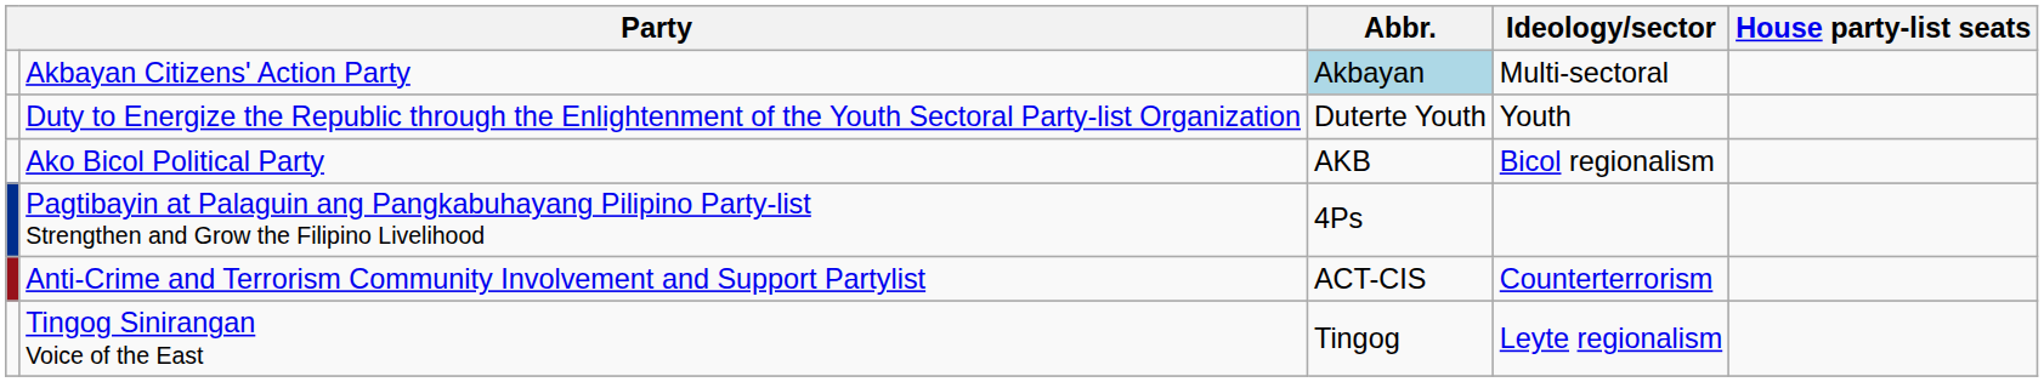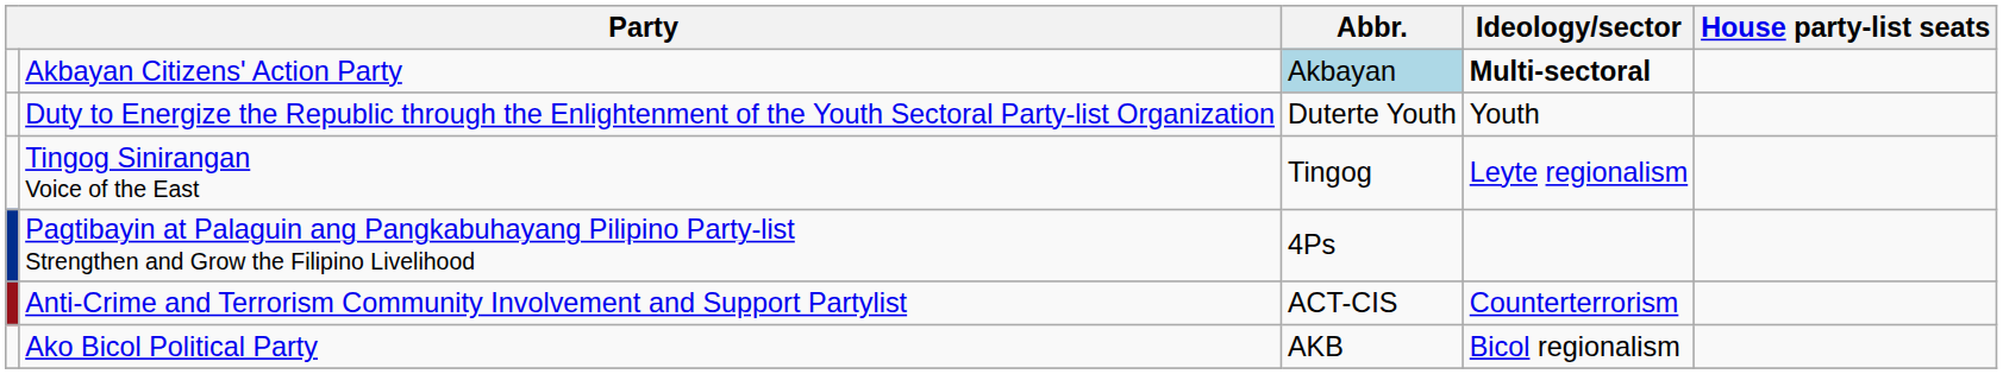 <table class="wikitable sortable" style="font-size:92%;">
 <tr>
 <th colspan=2>Party</th>
 <th class="unsortable">Abbr.</th>
 <th>Ideology/sector</th>
 <th><a href='#'>House</a> party-list seats</th>
 </tr>
 <tr>
 <td style="background:"></td>
 <td><a href='#'>Akbayan Citizens' Action Party</a></td>
 <td style="background: lightblue;">Akbayan</td>
-<td>Multi-sectoral</td>
+<td><strong>Multi-sectoral</strong></td>
 <td></td>
 </tr>
 <tr>
 <td style="background:"></td>
 <td><a href='#'>Duty to Energize the Republic through the Enlightenment of the Youth Sectoral Party-list Organization</a></td>
 <td>Duterte Youth</td>
 <td>Youth</td>
 <td></td>
 </tr>
 <tr>
 <td style="background:"></td>
-<td><a href='#'>Ako Bicol Political Party</a></td>
-<td>AKB</td>
-<td><a href='#'>Bicol</a> regionalism</td>
+<td><a href='#'>Tingog Sinirangan</a><br><small>Voice of the East</small></td>
+<td>Tingog</td>
+<td><a href='#'>Leyte</a> <a href='#'>regionalism</a></td>
 <td></td>
 </tr>
 <tr>
 <td style="background:#002E8D; text-align:center;"></td>
 <td><a href='#'>Pagtibayin at Palaguin ang Pangkabuhayang Pilipino Party-list</a><br><small>Strengthen and Grow the Filipino Livelihood</small></td>
 <td>4Ps</td>
 <td></td>
 <td></td>
 </tr>
 <tr>
 <td style="background:#97111A; text-align:center;"></td>
 <td><a href='#'>Anti-Crime and Terrorism Community Involvement and Support Partylist</a></td>
 <td>ACT-CIS</td>
 <td><a href='#'>Counterterrorism</a></td>
 <td></td>
 </tr>
 <tr>
 <td style="background:"></td>
-<td><a href='#'>Tingog Sinirangan</a><br><small>Voice of the East</small></td>
-<td>Tingog</td>
-<td><a href='#'>Leyte</a> <a href='#'>regionalism</a></td>
+<td><a href='#'>Ako Bicol Political Party</a></td>
+<td>AKB</td>
+<td><a href='#'>Bicol</a> regionalism</td>
 <td></td>
 </tr>
 </table>
